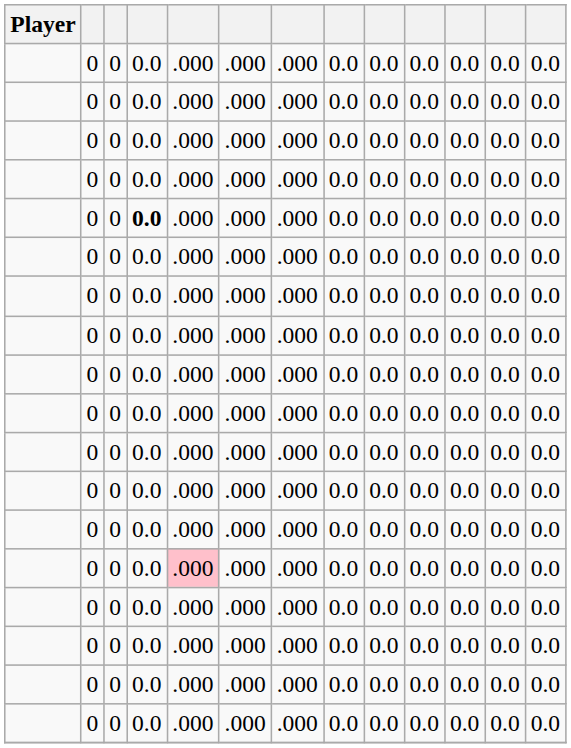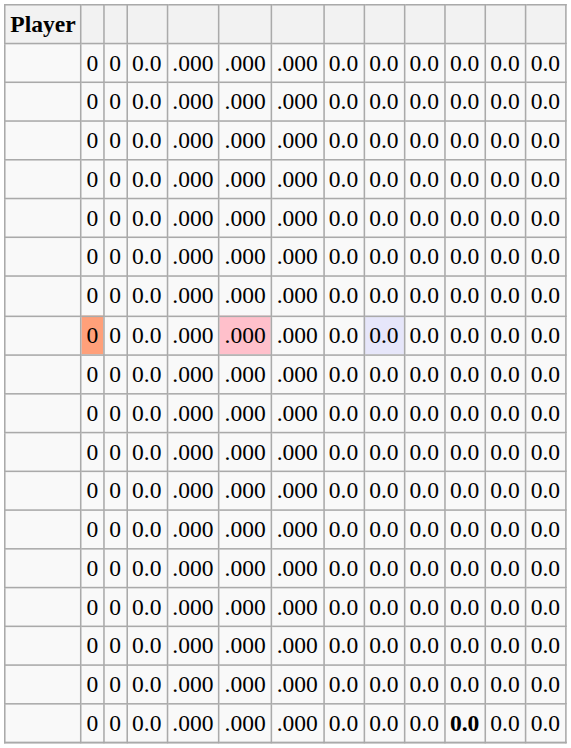 <table class="wikitable sortable" style="font-size:95%; text-align:right">
 <tr>
 <th>Player</th>
 <th></th>
 <th></th>
 <th></th>
 <th></th>
 <th></th>
 <th></th>
 <th></th>
 <th></th>
 <th></th>
 <th></th>
 <th></th>
 <th></th>
 </tr>
 <tr>
 <td><strong></strong></td>
 <td>0</td>
 <td>0</td>
 <td>0.0</td>
 <td>.000</td>
 <td>.000</td>
 <td>.000</td>
 <td>0.0</td>
 <td>0.0</td>
 <td>0.0</td>
 <td>0.0</td>
 <td>0.0</td>
 <td>0.0</td>
 </tr>
 <tr>
 <td><strong></strong></td>
 <td>0</td>
 <td>0</td>
 <td>0.0</td>
 <td>.000</td>
 <td>.000</td>
 <td>.000</td>
 <td>0.0</td>
 <td>0.0</td>
 <td>0.0</td>
 <td>0.0</td>
 <td>0.0</td>
 <td>0.0</td>
 </tr>
 <tr>
 <td><strong></strong></td>
 <td>0</td>
 <td>0</td>
 <td>0.0</td>
 <td>.000</td>
 <td>.000</td>
 <td>.000</td>
 <td>0.0</td>
 <td>0.0</td>
 <td>0.0</td>
 <td>0.0</td>
 <td>0.0</td>
 <td>0.0</td>
 </tr>
 <tr>
 <td><strong></strong></td>
 <td>0</td>
 <td>0</td>
 <td>0.0</td>
 <td>.000</td>
 <td>.000</td>
 <td>.000</td>
 <td>0.0</td>
 <td>0.0</td>
 <td>0.0</td>
 <td>0.0</td>
 <td>0.0</td>
 <td>0.0</td>
 </tr>
 <tr>
 <td><strong></strong></td>
 <td>0</td>
 <td>0</td>
-<td><strong>0.0</strong></td>
+<td>0.0</td>
+<td>.000</td>
+<td>.000</td>
+<td>.000</td>
+<td>0.0</td>
+<td>0.0</td>
+<td>0.0</td>
+<td>0.0</td>
+<td>0.0</td>
+<td>0.0</td>
+</tr>
+<tr>
+<td><strong></strong></td>
+<td>0</td>
+<td>0</td>
+<td>0.0</td>
+<td>.000</td>
+<td>.000</td>
+<td>.000</td>
+<td>0.0</td>
+<td>0.0</td>
+<td>0.0</td>
+<td>0.0</td>
+<td>0.0</td>
+<td>0.0</td>
+</tr>
+<tr>
+<td><strong></strong></td>
+<td>0</td>
+<td>0</td>
+<td>0.0</td>
+<td>.000</td>
+<td>.000</td>
+<td>.000</td>
+<td>0.0</td>
+<td>0.0</td>
+<td>0.0</td>
+<td>0.0</td>
+<td>0.0</td>
+<td>0.0</td>
+</tr>
+<tr>
+<td><strong></strong></td>
+<td style="background: lightsalmon;">0</td>
+<td>0</td>
+<td>0.0</td>
+<td>.000</td>
+<td style="background: pink;">.000</td>
+<td>.000</td>
+<td>0.0</td>
+<td style="background: lavender;">0.0</td>
+<td>0.0</td>
+<td>0.0</td>
+<td>0.0</td>
+<td>0.0</td>
+</tr>
+<tr>
+<td><strong></strong></td>
+<td>0</td>
+<td>0</td>
+<td>0.0</td>
 <td>.000</td>
 <td>.000</td>
 <td>.000</td>
 <td>0.0</td>
 <td>0.0</td>
 <td>0.0</td>
 <td>0.0</td>
 <td>0.0</td>
 <td>0.0</td>
 </tr>
 <tr>
 <td><strong></strong></td>
 <td>0</td>
 <td>0</td>
 <td>0.0</td>
 <td>.000</td>
 <td>.000</td>
 <td>.000</td>
 <td>0.0</td>
 <td>0.0</td>
 <td>0.0</td>
 <td>0.0</td>
 <td>0.0</td>
 <td>0.0</td>
 </tr>
 <tr>
 <td><strong></strong></td>
 <td>0</td>
 <td>0</td>
 <td>0.0</td>
 <td>.000</td>
 <td>.000</td>
 <td>.000</td>
 <td>0.0</td>
 <td>0.0</td>
 <td>0.0</td>
 <td>0.0</td>
 <td>0.0</td>
 <td>0.0</td>
 </tr>
 <tr>
 <td><strong></strong></td>
 <td>0</td>
 <td>0</td>
 <td>0.0</td>
 <td>.000</td>
 <td>.000</td>
 <td>.000</td>
 <td>0.0</td>
 <td>0.0</td>
 <td>0.0</td>
 <td>0.0</td>
 <td>0.0</td>
 <td>0.0</td>
 </tr>
 <tr>
 <td><strong></strong></td>
 <td>0</td>
 <td>0</td>
 <td>0.0</td>
 <td>.000</td>
 <td>.000</td>
 <td>.000</td>
 <td>0.0</td>
 <td>0.0</td>
 <td>0.0</td>
 <td>0.0</td>
 <td>0.0</td>
 <td>0.0</td>
 </tr>
 <tr>
 <td><strong></strong></td>
 <td>0</td>
 <td>0</td>
 <td>0.0</td>
 <td>.000</td>
 <td>.000</td>
 <td>.000</td>
 <td>0.0</td>
 <td>0.0</td>
 <td>0.0</td>
 <td>0.0</td>
 <td>0.0</td>
 <td>0.0</td>
 </tr>
 <tr>
 <td><strong></strong></td>
 <td>0</td>
 <td>0</td>
 <td>0.0</td>
 <td>.000</td>
 <td>.000</td>
 <td>.000</td>
 <td>0.0</td>
 <td>0.0</td>
 <td>0.0</td>
 <td>0.0</td>
 <td>0.0</td>
 <td>0.0</td>
 </tr>
 <tr>
 <td><strong></strong></td>
 <td>0</td>
 <td>0</td>
 <td>0.0</td>
 <td>.000</td>
 <td>.000</td>
 <td>.000</td>
 <td>0.0</td>
 <td>0.0</td>
 <td>0.0</td>
 <td>0.0</td>
 <td>0.0</td>
 <td>0.0</td>
 </tr>
 <tr>
 <td><strong></strong></td>
 <td>0</td>
 <td>0</td>
 <td>0.0</td>
 <td>.000</td>
 <td>.000</td>
 <td>.000</td>
 <td>0.0</td>
 <td>0.0</td>
 <td>0.0</td>
 <td>0.0</td>
 <td>0.0</td>
 <td>0.0</td>
 </tr>
 <tr>
 <td><strong></strong></td>
 <td>0</td>
 <td>0</td>
 <td>0.0</td>
-<td style="background: pink;">.000</td>
-<td>.000</td>
-<td>.000</td>
-<td>0.0</td>
-<td>0.0</td>
-<td>0.0</td>
-<td>0.0</td>
-<td>0.0</td>
-<td>0.0</td>
-</tr>
-<tr>
-<td><strong></strong></td>
-<td>0</td>
-<td>0</td>
-<td>0.0</td>
 <td>.000</td>
 <td>.000</td>
 <td>.000</td>
 <td>0.0</td>
 <td>0.0</td>
 <td>0.0</td>
-<td>0.0</td>
-<td>0.0</td>
-<td>0.0</td>
-</tr>
-<tr>
-<td><strong></strong></td>
-<td>0</td>
-<td>0</td>
-<td>0.0</td>
-<td>.000</td>
-<td>.000</td>
-<td>.000</td>
-<td>0.0</td>
-<td>0.0</td>
-<td>0.0</td>
-<td>0.0</td>
-<td>0.0</td>
-<td>0.0</td>
-</tr>
-<tr>
-<td><strong></strong></td>
-<td>0</td>
-<td>0</td>
-<td>0.0</td>
-<td>.000</td>
-<td>.000</td>
-<td>.000</td>
-<td>0.0</td>
-<td>0.0</td>
-<td>0.0</td>
-<td>0.0</td>
-<td>0.0</td>
-<td>0.0</td>
-</tr>
-<tr>
-<td><strong></strong></td>
-<td>0</td>
-<td>0</td>
-<td>0.0</td>
-<td>.000</td>
-<td>.000</td>
-<td>.000</td>
-<td>0.0</td>
-<td>0.0</td>
-<td>0.0</td>
-<td>0.0</td>
+<td><strong>0.0</strong></td>
 <td>0.0</td>
 <td>0.0</td>
 </tr>
 <tr>
 </tr>
 </table>
